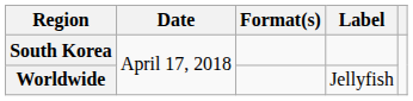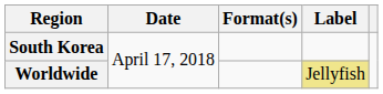 <table class="wikitable plainrowheaders">
 <tr>
 <th>Region</th>
 <th>Date</th>
 <th>Format(s)</th>
 <th>Label</th>
 <th></th>
 </tr>
 <tr>
 <th scope="row">South Korea</th>
 <td rowspan="2">April 17, 2018</td>
 <td></td>
 <td></td>
 <td style="text-align:center;" rowspan="2"></td>
 </tr>
 <tr>
 <th scope="row">Worldwide</th>
 <td></td>
-<td>Jellyfish</td>
+<td style="background: khaki;">Jellyfish</td>
 </tr>
 </table>
